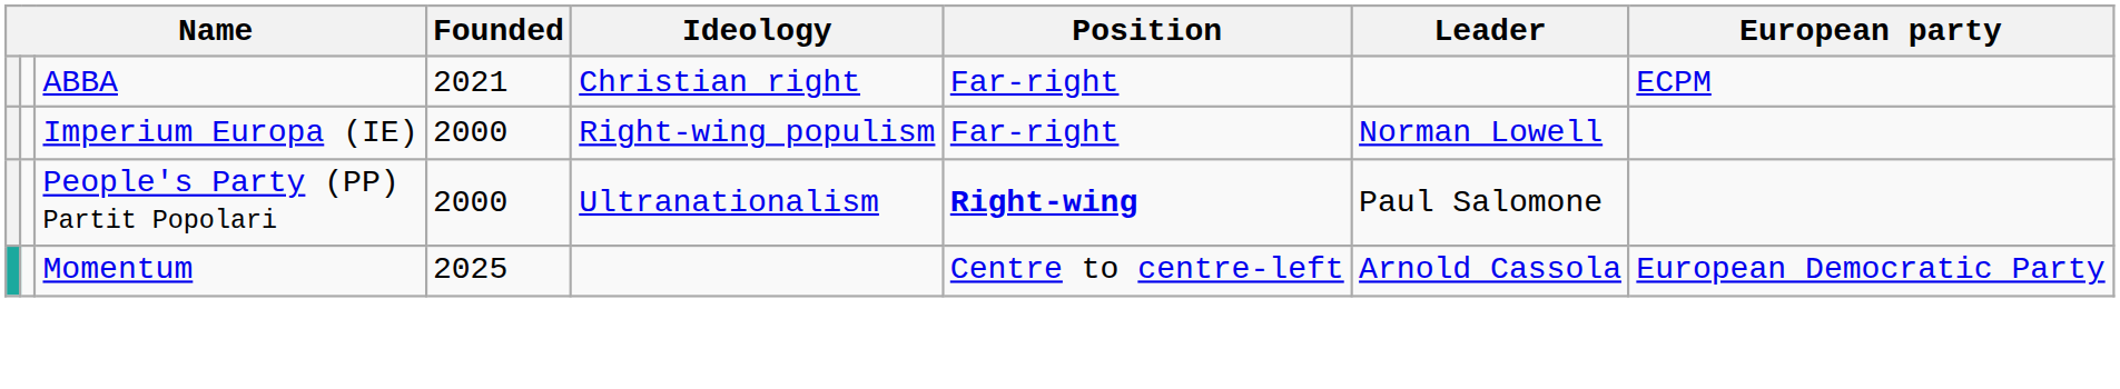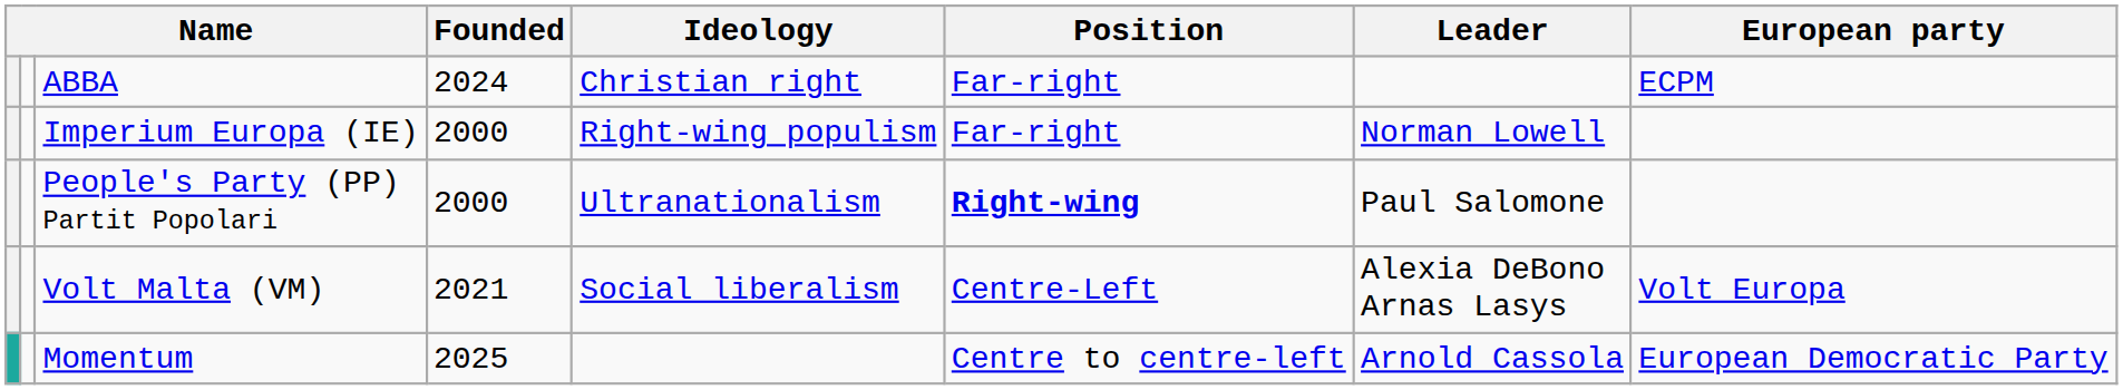 <table class="wikitable">
 <tr>
 <th colspan="3">Name</th>
 <th>Founded</th>
 <th>Ideology</th>
 <th>Position</th>
 <th>Leader</th>
 <th>European party</th>
 </tr>
 <tr>
 <th style="background-color:"></th>
 <td></td>
 <td><a href='#'>ABBA</a></td>
-<td>2021</td>
+<td>2024</td>
 <td><a href='#'>Christian right</a></td>
 <td><a href='#'>Far-right</a></td>
 <td></td>
 <td><a href='#'>ECPM</a></td>
 </tr>
 <tr>
 <th style="background-color:"></th>
 <td></td>
 <td><a href='#'>Imperium Europa</a> (IE)</td>
 <td>2000</td>
 <td><a href='#'>Right-wing populism</a></td>
 <td><a href='#'>Far-right</a></td>
 <td><a href='#'>Norman Lowell</a></td>
 <td></td>
 </tr>
 <tr>
 <th style="background:"></th>
 <td></td>
 <td><a href='#'>People's Party</a> (PP)<br><small>Partit Popolari</small></td>
 <td>2000</td>
 <td><a href='#'>Ultranationalism</a></td>
 <td><strong><a href='#'>Right-wing</a></strong></td>
 <td>Paul Salomone</td>
 <td></td>
 </tr>
 <tr>
+<th style="background-color:"></th>
+<td></td>
+<td><a href='#'>Volt Malta</a> (VM)</td>
+<td>2021</td>
+<td><a href='#'>Social liberalism</a></td>
+<td><a href='#'>Centre-Left</a></td>
+<td>Alexia DeBono<br>Arnas Lasys</td>
+<td><a href='#'>Volt Europa</a></td>
+</tr>
+<tr>
 <th style="background-color:#1BA99E"></th>
 <td></td>
 <td><a href='#'>Momentum</a></td>
 <td>2025</td>
 <td></td>
 <td><a href='#'>Centre</a> to <a href='#'>centre-left</a></td>
 <td><a href='#'>Arnold Cassola</a></td>
 <td><a href='#'>European Democratic Party</a></td>
 </tr>
 </table>
